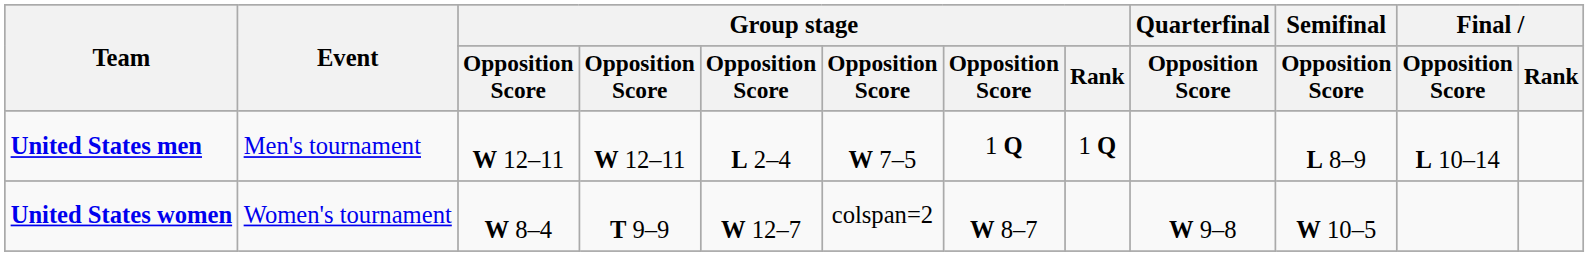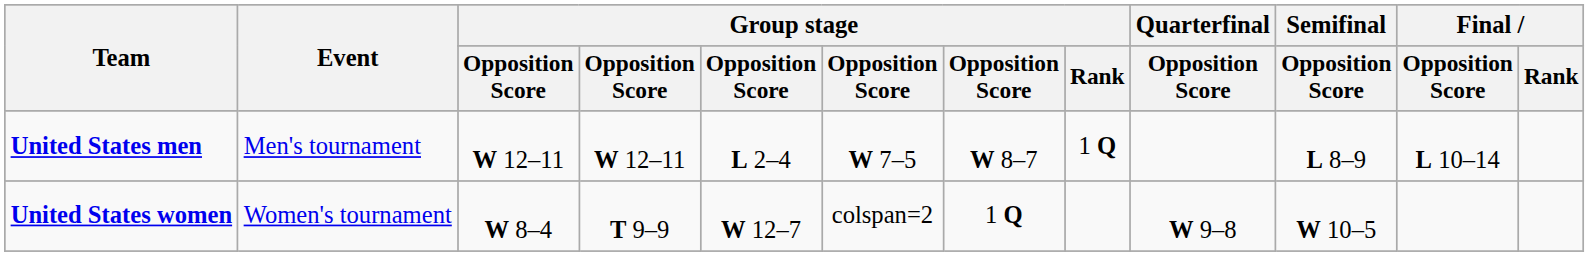 <table class=wikitable style=font-size:90%;text-align:center>
 <tr>
 <th rowspan=2>Team</th>
 <th rowspan=2>Event</th>
 <th colspan=6>Group stage</th>
 <th>Quarterfinal</th>
 <th>Semifinal</th>
 <th colspan=2>Final / </th>
 </tr>
 <tr style=font-size:95%>
 <th>Opposition<br>Score</th>
 <th>Opposition<br>Score</th>
 <th>Opposition<br>Score</th>
 <th>Opposition<br>Score</th>
 <th>Opposition<br>Score</th>
 <th>Rank</th>
 <th>Opposition<br>Score</th>
 <th>Opposition<br>Score</th>
 <th>Opposition<br>Score</th>
 <th>Rank</th>
 </tr>
 <tr>
 <td align=left><strong><a href='#'>United States men</a></strong></td>
 <td align=left><a href='#'>Men's tournament</a></td>
 <td><br><strong>W</strong> 12–11</td>
 <td><br><strong>W</strong> 12–11</td>
 <td><br><strong>L</strong> 2–4</td>
 <td><br><strong>W</strong> 7–5</td>
-<td>1 <strong>Q</strong></td>
+<td><br><strong>W</strong> 8–7</td>
 <td>1 <strong>Q</strong></td>
 <td></td>
 <td><br><strong>L</strong> 8–9</td>
 <td><br><strong>L</strong> 10–14</td>
 <td></td>
 </tr>
 <tr>
 <td align=left><strong><a href='#'>United States women</a></strong></td>
 <td align=left><a href='#'>Women's tournament</a></td>
 <td><br><strong>W</strong> 8–4</td>
 <td><br><strong>T</strong> 9–9</td>
 <td><br><strong>W</strong> 12–7</td>
 <td>colspan=2 </td>
-<td><br><strong>W</strong> 8–7</td>
+<td>1 <strong>Q</strong></td>
 <td></td>
 <td><br><strong>W</strong> 9–8</td>
 <td><br><strong>W</strong> 10–5</td>
 <td></td>
 </tr>
 </table>
